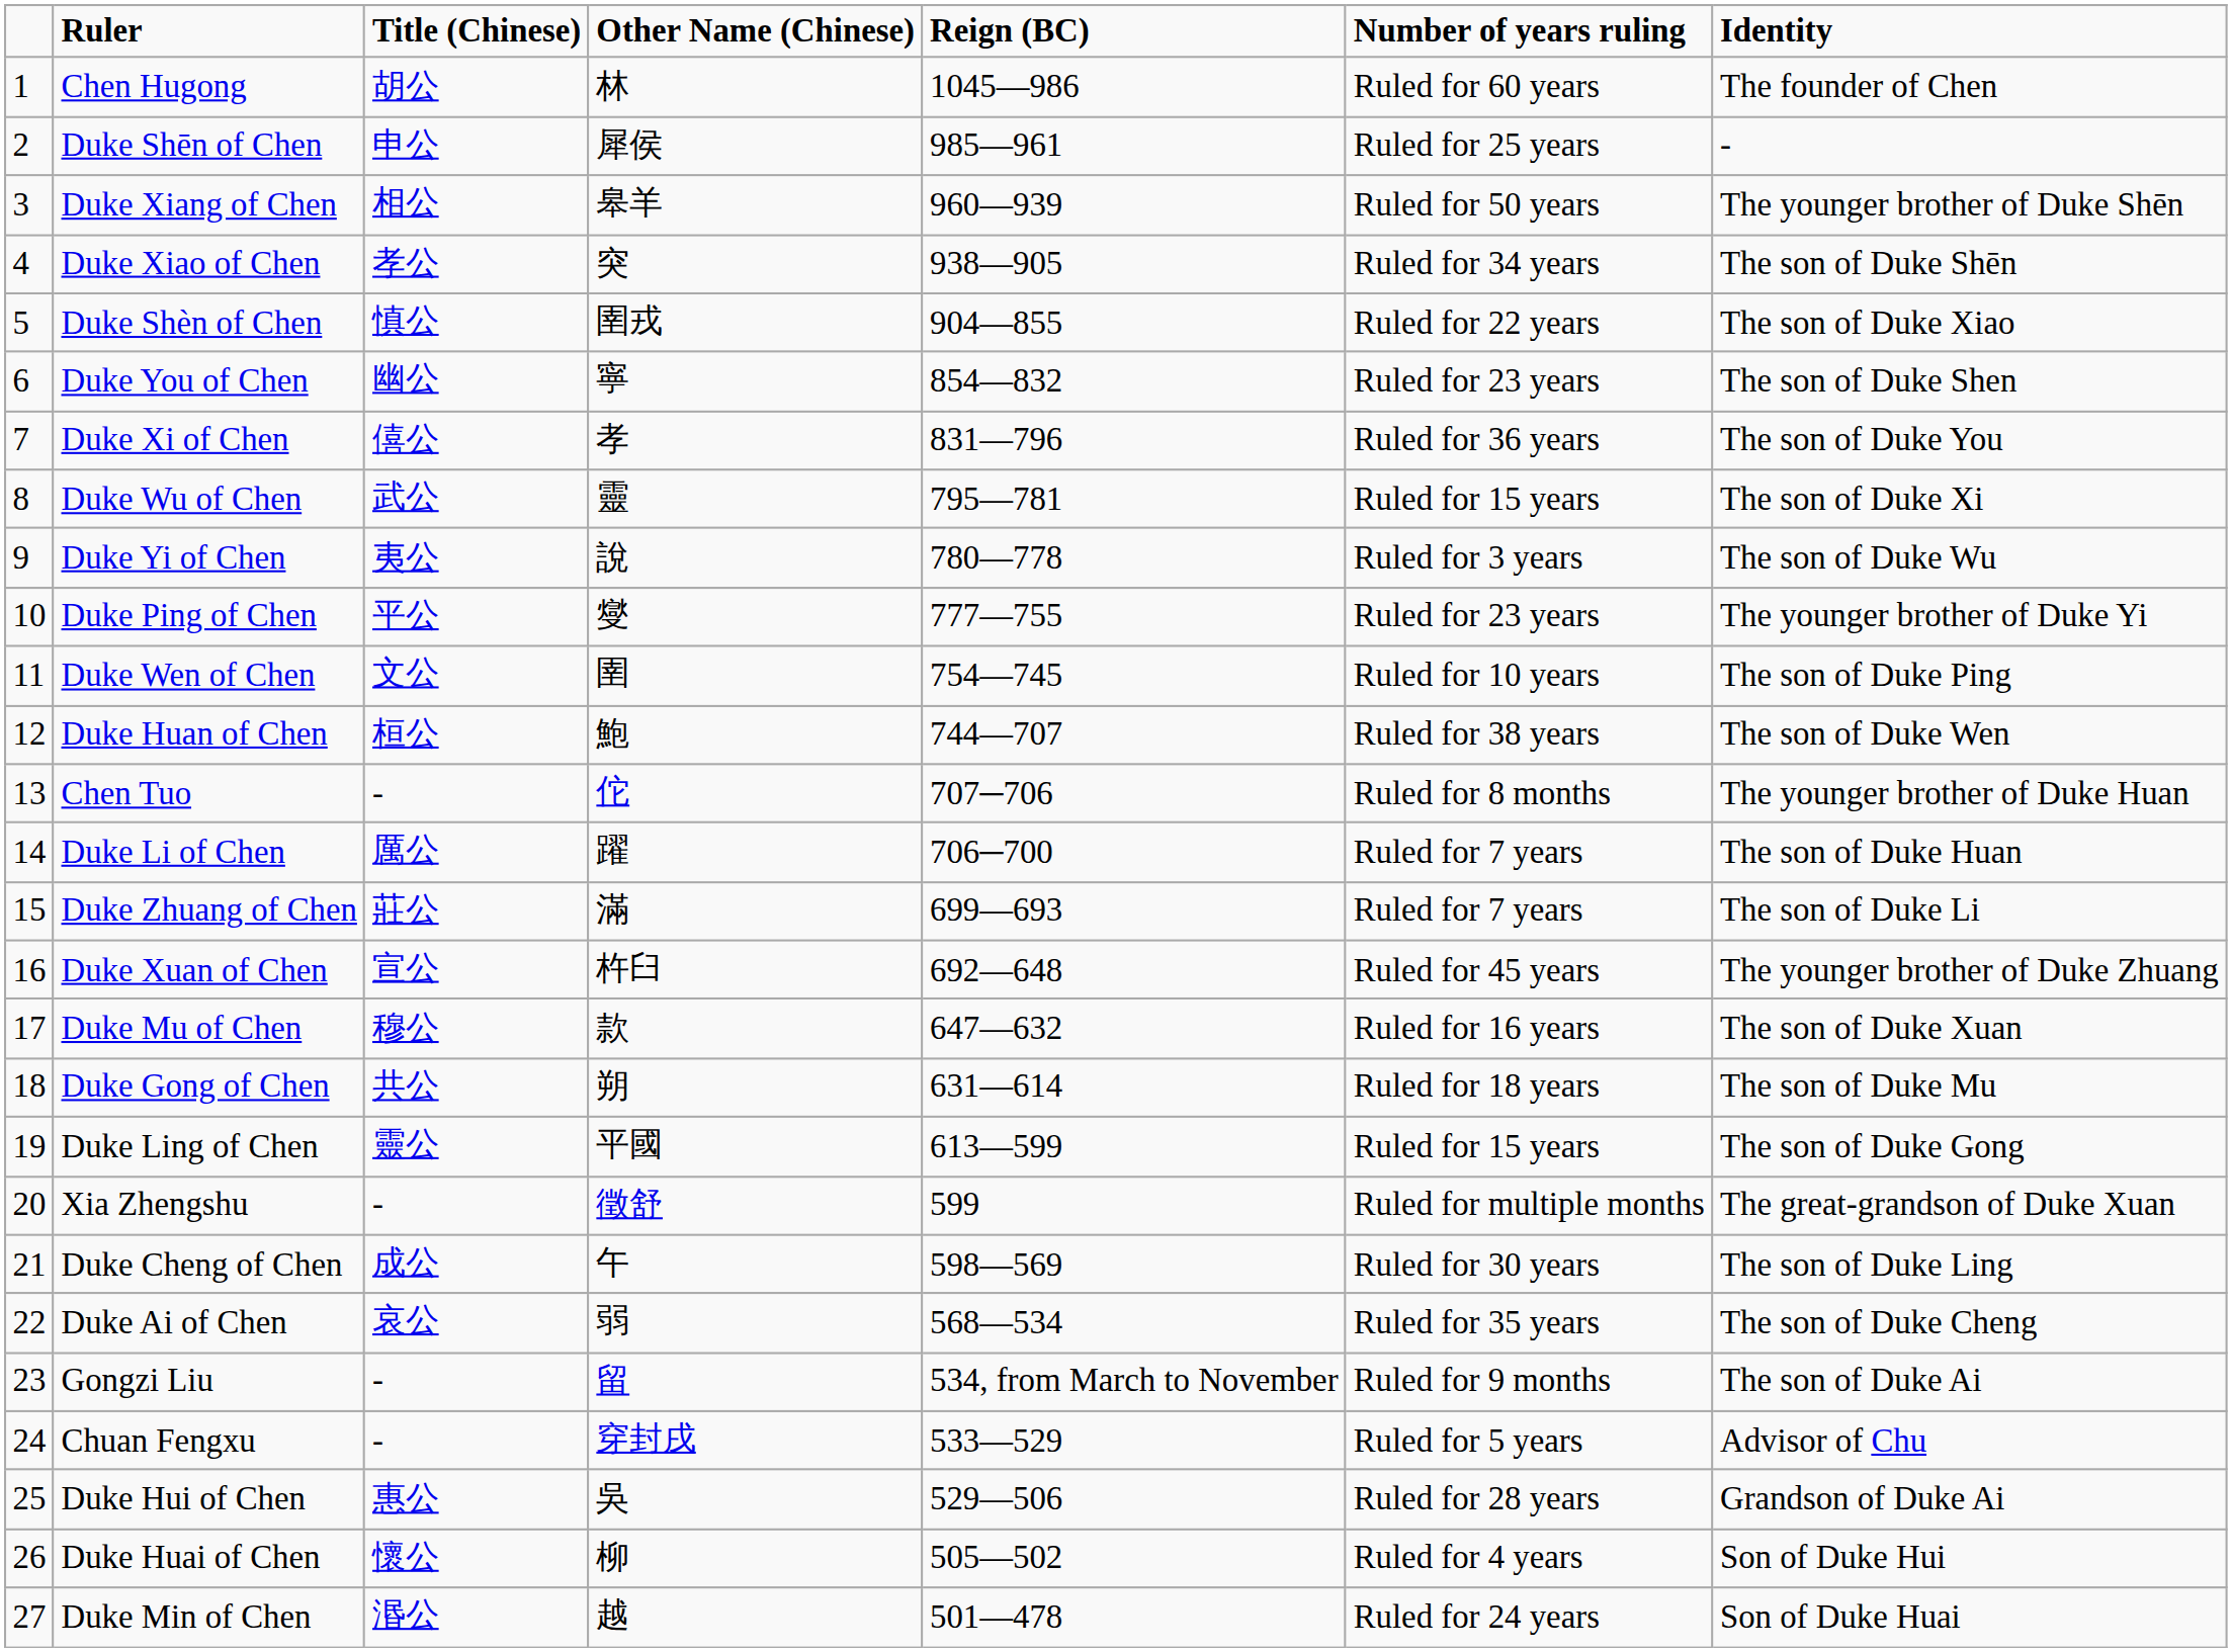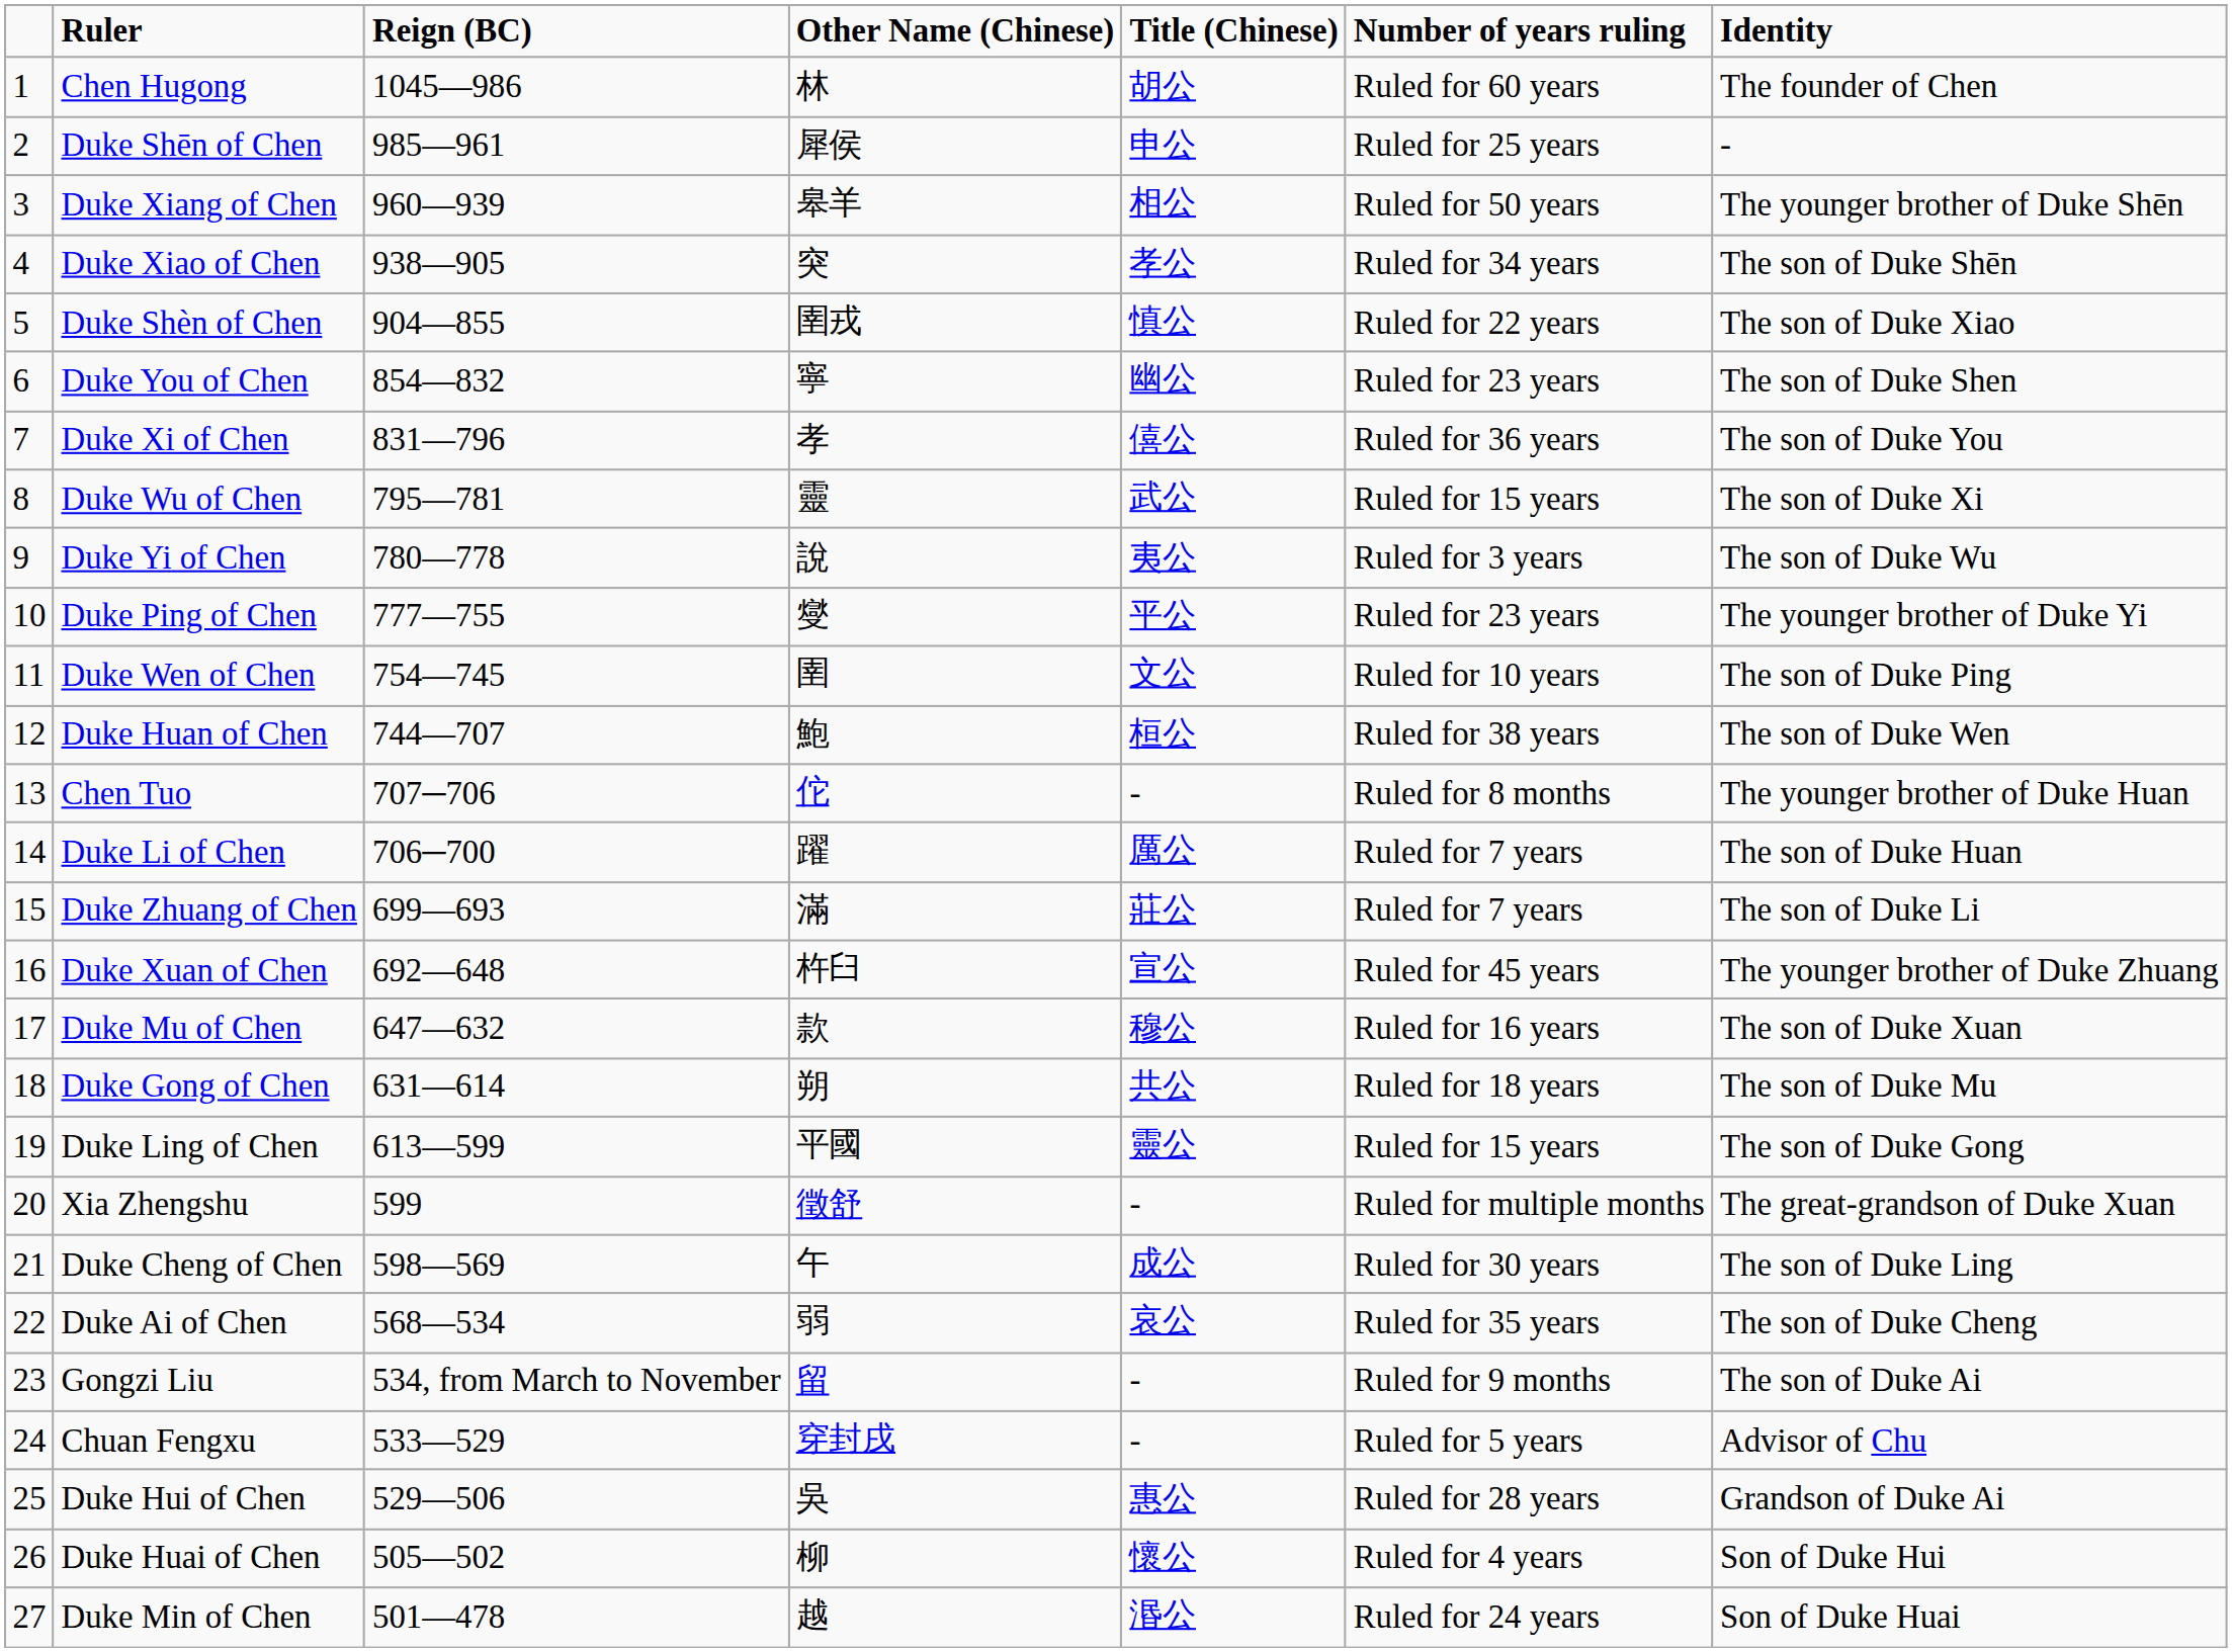 <table class="wikitable" style="align: left; margin: 0px" |>
 <tr>
 <td></td>
 <td><strong>Ruler</strong></td>
+<td><strong>Reign (BC)</strong></td>
+<td><strong>Other Name (Chinese)</strong></td>
 <td><strong>Title (Chinese)</strong></td>
-<td><strong>Other Name (Chinese)</strong></td>
-<td><strong>Reign (BC)</strong></td>
 <td><strong>Number of years ruling</strong></td>
 <td><strong>Identity</strong></td>
 </tr>
 <tr>
 <td>1</td>
 <td><a href='#'>Chen Hugong</a></td>
+<td>1045—986</td>
+<td>林</td>
 <td><a href='#'>胡公</a></td>
-<td>林</td>
-<td>1045—986</td>
 <td>Ruled for 60 years</td>
 <td>The founder of Chen</td>
 </tr>
 <tr>
 <td>2</td>
 <td><a href='#'>Duke Shēn of Chen</a> </td>
+<td>985—961</td>
+<td>犀侯</td>
 <td><a href='#'>申公</a></td>
-<td>犀侯</td>
-<td>985—961</td>
 <td>Ruled for 25 years</td>
 <td The son of Hugong>-</td>
 </tr>
 <tr>
 <td>3</td>
 <td><a href='#'>Duke Xiang of Chen</a></td>
+<td>960—939</td>
+<td>皋羊</td>
 <td><a href='#'>相公</a></td>
-<td>皋羊</td>
-<td>960—939</td>
 <td>Ruled for 50 years</td>
 <td>The younger brother of Duke Shēn</td>
 </tr>
 <tr>
 <td>4</td>
 <td><a href='#'>Duke Xiao of Chen</a></td>
+<td>938—905</td>
+<td>突</td>
 <td><a href='#'>孝公</a></td>
-<td>突</td>
-<td>938—905</td>
 <td>Ruled for 34 years</td>
 <td>The son of Duke Shēn</td>
 </tr>
 <tr>
 <td>5</td>
 <td><a href='#'>Duke Shèn of Chen</a></td>
+<td>904—855</td>
+<td>圉戎</td>
 <td><a href='#'>慎公</a></td>
-<td>圉戎</td>
-<td>904—855</td>
 <td>Ruled for 22 years</td>
 <td>The son of Duke Xiao</td>
 </tr>
 <tr>
 <td>6</td>
 <td><a href='#'>Duke You of Chen</a></td>
+<td>854—832</td>
+<td>寧</td>
 <td><a href='#'>幽公</a></td>
-<td>寧</td>
-<td>854—832</td>
 <td>Ruled for 23 years</td>
 <td>The son of Duke Shen</td>
 </tr>
 <tr>
 <td>7</td>
 <td><a href='#'>Duke Xi of Chen</a></td>
+<td>831—796</td>
+<td>孝</td>
 <td><a href='#'>僖公</a></td>
-<td>孝</td>
-<td>831—796</td>
 <td>Ruled for 36 years</td>
 <td>The son of Duke You</td>
 </tr>
 <tr>
 <td>8</td>
 <td><a href='#'>Duke Wu of Chen</a></td>
+<td>795—781</td>
+<td>靈</td>
 <td><a href='#'>武公</a></td>
-<td>靈</td>
-<td>795—781</td>
 <td>Ruled for 15 years</td>
 <td>The son of Duke Xi</td>
 </tr>
 <tr>
 <td>9</td>
 <td><a href='#'>Duke Yi of Chen</a></td>
+<td>780—778</td>
+<td>說</td>
 <td><a href='#'>夷公</a></td>
-<td>說</td>
-<td>780—778</td>
 <td>Ruled for 3 years</td>
 <td>The son of Duke Wu</td>
 </tr>
 <tr>
 <td>10</td>
 <td><a href='#'>Duke Ping of Chen</a></td>
+<td>777—755</td>
+<td>燮</td>
 <td><a href='#'>平公</a></td>
-<td>燮</td>
-<td>777—755</td>
 <td>Ruled for 23 years</td>
 <td>The younger brother of Duke Yi</td>
 </tr>
 <tr>
 <td>11</td>
 <td><a href='#'>Duke Wen of Chen</a></td>
+<td>754—745</td>
+<td>圉</td>
 <td><a href='#'>文公</a></td>
-<td>圉</td>
-<td>754—745</td>
 <td>Ruled for 10 years</td>
 <td>The son of Duke Ping</td>
 </tr>
 <tr>
 <td>12</td>
 <td><a href='#'>Duke Huan of Chen</a></td>
+<td>744—707</td>
+<td>鮑</td>
 <td><a href='#'>桓公</a></td>
-<td>鮑</td>
-<td>744—707</td>
 <td>Ruled for 38 years</td>
 <td>The son of Duke Wen</td>
 </tr>
 <tr>
 <td>13</td>
 <td><a href='#'>Chen Tuo</a></td>
+<td>707─706</td>
+<td><a href='#'>佗</a></td>
 <td>-</td>
-<td><a href='#'>佗</a></td>
-<td>707─706</td>
 <td>Ruled for 8 months</td>
 <td>The younger brother of Duke Huan</td>
 </tr>
 <tr>
 <td>14</td>
 <td><a href='#'>Duke Li of Chen</a></td>
+<td>706─700</td>
+<td>躍</td>
 <td><a href='#'>厲公</a></td>
-<td>躍</td>
-<td>706─700</td>
 <td>Ruled for 7 years</td>
 <td>The son of Duke Huan</td>
 </tr>
 <tr>
 <td>15</td>
 <td><a href='#'>Duke Zhuang of Chen</a></td>
+<td>699—693</td>
+<td>滿</td>
 <td><a href='#'>莊公</a></td>
-<td>滿</td>
-<td>699—693</td>
 <td>Ruled for 7 years</td>
 <td>The son of Duke Li</td>
 </tr>
 <tr>
 <td>16</td>
 <td><a href='#'>Duke Xuan of Chen</a></td>
+<td>692—648</td>
+<td>杵臼</td>
 <td><a href='#'>宣公</a></td>
-<td>杵臼</td>
-<td>692—648</td>
 <td>Ruled for 45 years</td>
 <td>The younger brother of Duke Zhuang</td>
 </tr>
 <tr>
 <td>17</td>
 <td><a href='#'>Duke Mu of Chen</a></td>
+<td>647—632</td>
+<td>款</td>
 <td><a href='#'>穆公</a></td>
-<td>款</td>
-<td>647—632</td>
 <td>Ruled for 16 years</td>
 <td>The son of Duke Xuan</td>
 </tr>
 <tr>
 <td>18</td>
 <td><a href='#'>Duke Gong of Chen</a></td>
+<td>631—614</td>
+<td>朔</td>
 <td><a href='#'>共公</a></td>
-<td>朔</td>
-<td>631—614</td>
 <td>Ruled for 18 years</td>
 <td>The son of Duke Mu</td>
 </tr>
 <tr>
 <td>19</td>
 <td>Duke Ling of Chen</td>
+<td>613—599</td>
+<td>平國</td>
 <td><a href='#'>靈公</a></td>
-<td>平國</td>
-<td>613—599</td>
 <td>Ruled for 15 years</td>
 <td>The son of Duke Gong</td>
 </tr>
 <tr>
 <td>20</td>
 <td>Xia Zhengshu</td>
+<td>599</td>
+<td><a href='#'>徵舒</a></td>
 <td>-</td>
-<td><a href='#'>徵舒</a></td>
-<td>599</td>
 <td>Ruled for multiple months</td>
 <td>The great-grandson of Duke Xuan</td>
 </tr>
 <tr>
 <td>21</td>
 <td>Duke Cheng of Chen</td>
+<td>598—569</td>
+<td>午</td>
 <td><a href='#'>成公</a></td>
-<td>午</td>
-<td>598—569</td>
 <td>Ruled for 30 years</td>
 <td>The son of Duke Ling</td>
 </tr>
 <tr>
 <td>22</td>
 <td>Duke Ai of Chen</td>
+<td>568—534</td>
+<td>弱</td>
 <td><a href='#'>哀公</a></td>
-<td>弱</td>
-<td>568—534</td>
 <td>Ruled for 35 years</td>
 <td>The son of Duke Cheng</td>
 </tr>
 <tr>
 <td>23</td>
 <td>Gongzi Liu</td>
+<td>534, from March to November</td>
+<td><a href='#'>留</a></td>
 <td>-</td>
-<td><a href='#'>留</a></td>
-<td>534, from March to November</td>
 <td>Ruled for 9 months</td>
 <td>The son of Duke Ai</td>
 </tr>
 <tr>
 <td>24</td>
 <td>Chuan Fengxu</td>
+<td>533—529</td>
+<td><a href='#'>穿封戌</a></td>
 <td>-</td>
-<td><a href='#'>穿封戌</a></td>
-<td>533—529</td>
 <td>Ruled for 5 years</td>
 <td>Advisor of <a href='#'>Chu</a></td>
 </tr>
 <tr>
 <td>25</td>
 <td>Duke Hui of Chen</td>
+<td>529—506</td>
+<td>吳</td>
 <td><a href='#'>惠公</a></td>
-<td>吳</td>
-<td>529—506</td>
 <td>Ruled for 28 years</td>
 <td>Grandson of Duke Ai</td>
 </tr>
 <tr>
 <td>26</td>
 <td>Duke Huai of Chen</td>
+<td>505—502</td>
+<td>柳</td>
 <td><a href='#'>懷公</a></td>
-<td>柳</td>
-<td>505—502</td>
 <td>Ruled for 4 years</td>
 <td>Son of Duke Hui</td>
 </tr>
 <tr>
 <td>27</td>
 <td>Duke Min of Chen</td>
+<td>501—478</td>
+<td>越</td>
 <td><a href='#'>湣公</a></td>
-<td>越</td>
-<td>501—478</td>
 <td>Ruled for 24 years</td>
 <td>Son of Duke Huai</td>
 </tr>
 </table>
